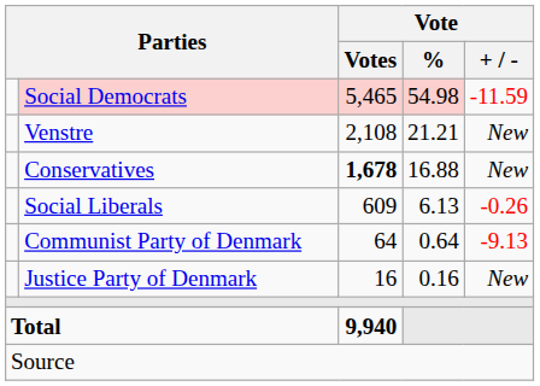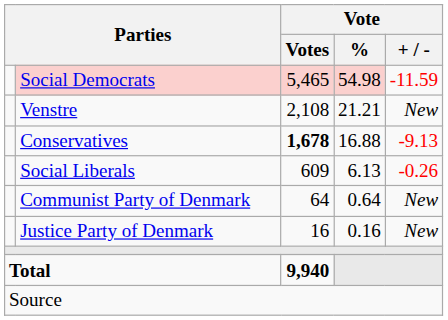 <table class="wikitable" style="text-align:right;">
 <tr>
 <th style="text-align:centre;" rowspan="2" colspan="2" width="225">Parties</th>
 <th colspan="3">Vote</th>
 </tr>
 <tr>
 <th width="15">Votes</th>
 <th width="15">%</th>
 <th width="15">+ / -</th>
 </tr>
 <tr>
 <td width="2" style="color:inherit;background:"></td>
 <td bgcolor=#fbd0ce  align="left"><a href='#'>Social Democrats</a></td>
 <td bgcolor=#fbd0ce>5,465</td>
 <td bgcolor=#fbd0ce>54.98</td>
 <td style=color:red;>-11.59</td>
 </tr>
 <tr>
 <td width="2" style="color:inherit;background:"></td>
 <td align="left"><a href='#'>Venstre</a></td>
 <td>2,108</td>
 <td>21.21</td>
 <td><em>New</em></td>
 </tr>
 <tr>
 <td width="2" style="color:inherit;background:"></td>
 <td align="left"><a href='#'>Conservatives</a></td>
 <td><strong>1,678</strong></td>
 <td>16.88</td>
-<td><em>New</em></td>
+<td style=color:red;>-9.13</td>
 </tr>
 <tr>
 <td width="2" style="color:inherit;background:"></td>
 <td align="left"><a href='#'>Social Liberals</a></td>
 <td>609</td>
 <td>6.13</td>
 <td style=color:red;>-0.26</td>
 </tr>
 <tr>
 <td width="2" style="color:inherit;background:"></td>
 <td align="left"><a href='#'>Communist Party of Denmark</a></td>
 <td>64</td>
 <td>0.64</td>
-<td style=color:red;>-9.13</td>
+<td><em>New</em></td>
 </tr>
 <tr>
 <td width="2" style="color:inherit;background:"></td>
 <td align="left"><a href='#'>Justice Party of Denmark</a></td>
 <td>16</td>
 <td>0.16</td>
 <td><em>New</em></td>
 </tr>
 <tr>
 <td colspan="7" bgcolor="#E9E9E9"></td>
 </tr>
 <tr>
 <td align="left" colspan="2"><strong>Total</strong></td>
 <td><strong>9,940</strong></td>
 <td bgcolor="#E9E9E9" colspan="2"></td>
 </tr>
 <tr>
 <td align="left" colspan="6">Source</td>
 </tr>
 </table>
